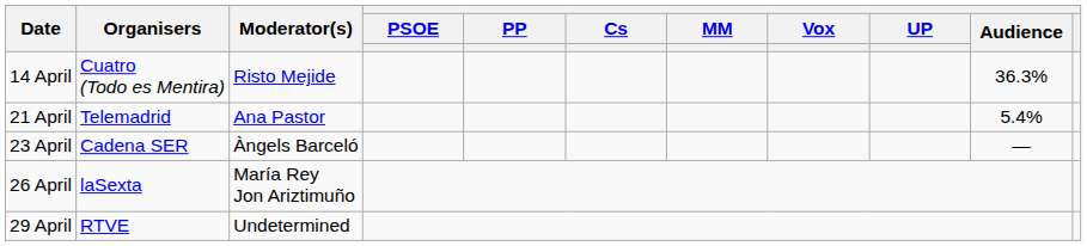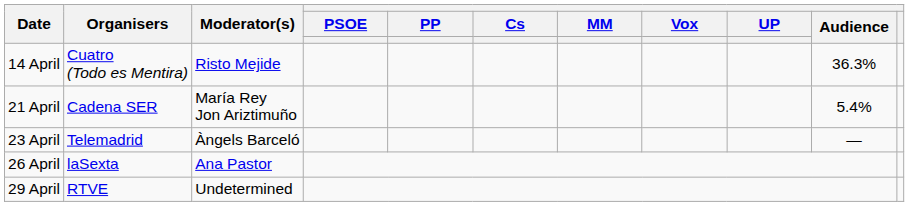 <table class="wikitable" style="text-align:center;">
 <tr>
 <th rowspan="3">Date</th>
 <th rowspan="3">Organisers</th>
 <th rowspan="3">Moderator(s)</th>
 <th colspan="8">        </th>
 </tr>
 <tr>
 <th scope="col" style="width:5em;"><a href='#'>PSOE</a></th>
 <th scope="col" style="width:5em;"><a href='#'>PP</a></th>
 <th scope="col" style="width:5em;"><a href='#'>Cs</a></th>
 <th scope="col" style="width:5em;"><a href='#'>MM</a></th>
 <th scope="col" style="width:5em;"><a href='#'>Vox</a></th>
 <th scope="col" style="width:5em;"><a href='#'>UP</a></th>
 <th rowspan="2" scope="col" style="width:5em;">Audience</th>
 <th rowspan="2"></th>
 </tr>
 <tr>
 <th style="color:inherit;background:"></th>
 <th style="color:inherit;background:"></th>
 <th style="color:inherit;background:"></th>
 <th style="color:inherit;background:"></th>
 <th style="color:inherit;background:"></th>
 <th style="color:inherit;background:"></th>
 </tr>
 <tr>
 <td style="white-space:nowrap; text-align:left;">14 April</td>
 <td style="white-space:nowrap; text-align:left;"><a href='#'>Cuatro</a><br><em>(Todo es Mentira)</em></td>
 <td style="white-space:nowrap; text-align:left;"><a href='#'>Risto Mejide</a></td>
 <td></td>
 <td></td>
 <td></td>
 <td></td>
 <td></td>
 <td></td>
 <td>36.3%<br></td>
 <td><br></td>
 </tr>
 <tr>
 <td style="white-space:nowrap; text-align:left;">21 April</td>
-<td style="white-space:nowrap; text-align:left;"><a href='#'>Telemadrid</a></td>
-<td style="white-space:nowrap; text-align:left;"><a href='#'>Ana Pastor</a></td>
+<td style="white-space:nowrap; text-align:left;"><a href='#'>Cadena SER</a></td>
+<td style="white-space:nowrap; text-align:left;">María Rey<br>Jon Ariztimuño</td>
 <td></td>
 <td></td>
 <td></td>
 <td></td>
 <td></td>
 <td></td>
 <td>5.4%<br></td>
 <td><br></td>
 </tr>
 <tr>
 <td style="white-space:nowrap; text-align:left;">23 April</td>
-<td style="white-space:nowrap; text-align:left;"><a href='#'>Cadena SER</a></td>
+<td style="white-space:nowrap; text-align:left;"><a href='#'>Telemadrid</a></td>
 <td style="white-space:nowrap; text-align:left;">Àngels Barceló</td>
 <td></td>
 <td></td>
 <td></td>
 <td></td>
 <td></td>
 <td></td>
 <td>—</td>
 <td><br></td>
 </tr>
 <tr>
 <td style="white-space:nowrap; text-align:left;">26 April</td>
 <td style="white-space:nowrap; text-align:left;"><a href='#'>laSexta</a></td>
-<td style="white-space:nowrap; text-align:left;">María Rey<br>Jon Ariztimuño</td>
+<td style="white-space:nowrap; text-align:left;"><a href='#'>Ana Pastor</a></td>
 <td colspan="7"><em></em></td>
 <td><br></td>
 </tr>
 <tr>
 <td style="white-space:nowrap; text-align:left;">29 April</td>
 <td style="white-space:nowrap; text-align:left;"><a href='#'>RTVE</a></td>
 <td style="white-space:nowrap; text-align:left;">Undetermined</td>
 <td colspan="7"><em></em></td>
 <td><br></td>
 </tr>
 </table>
